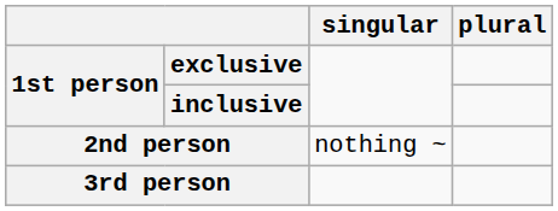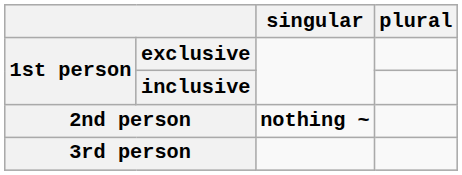 <table class="wikitable">
 <tr>
 <th colspan="2"></th>
 <th>singular</th>
 <th>plural</th>
 </tr>
 <tr>
 <th rowspan="2">1st person</th>
 <th>exclusive</th>
 <td rowspan="2"></td>
 <td></td>
 </tr>
 <tr>
 <th>inclusive</th>
 <td></td>
 </tr>
 <tr>
 <th colspan="2">2nd person</th>
-<td>nothing ~ </td>
+<td><strong>nothing ~ </strong></td>
 <td></td>
 </tr>
 <tr>
 <th colspan="2">3rd person</th>
 <td></td>
 <td></td>
 </tr>
 </table>
